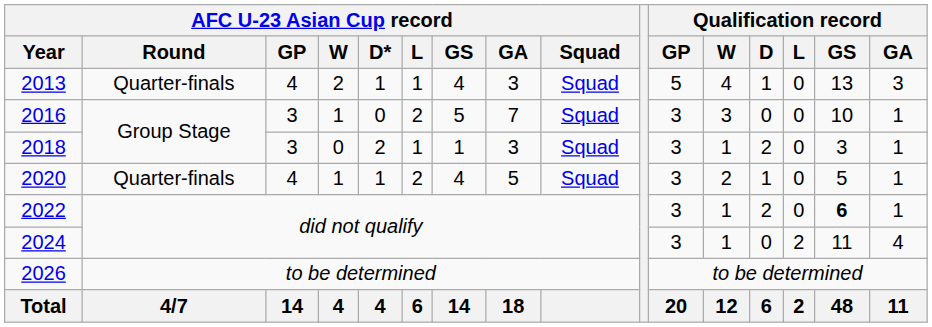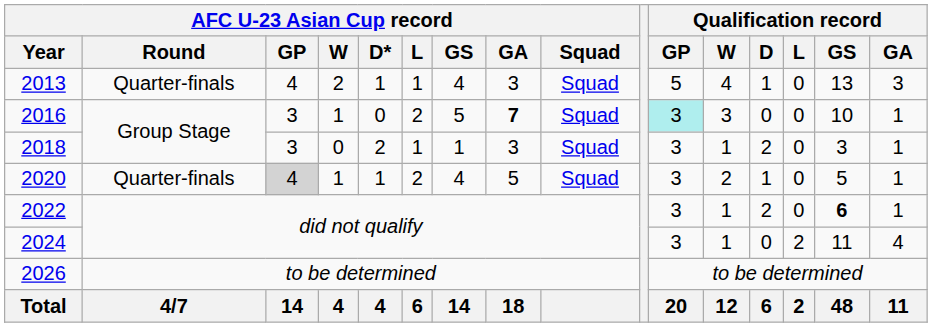 <table class="wikitable" style="text-align: center;">
 <tr>
 <th colspan=9><a href='#'>AFC U-23 Asian Cup</a> record</th>
 <th style="width:1%;" rowspan="40"></th>
 <th colspan=6>Qualification record</th>
 </tr>
 <tr>
 <th>Year</th>
 <th>Round</th>
 <th>GP</th>
 <th>W</th>
 <th>D*</th>
 <th>L</th>
 <th>GS</th>
 <th>GA</th>
 <th>Squad</th>
 <th>GP</th>
 <th>W</th>
 <th>D</th>
 <th>L</th>
 <th>GS</th>
 <th>GA</th>
 </tr>
 <tr>
 <td> <a href='#'>2013</a></td>
 <td>Quarter-finals</td>
 <td>4</td>
 <td>2</td>
 <td>1</td>
 <td>1</td>
 <td>4</td>
 <td>3</td>
 <td><a href='#'>Squad</a></td>
 <td>5</td>
 <td>4</td>
 <td>1</td>
 <td>0</td>
 <td>13</td>
 <td>3</td>
 </tr>
 <tr>
 <td> <a href='#'>2016</a></td>
 <td rowspan=2>Group Stage</td>
 <td>3</td>
 <td>1</td>
 <td>0</td>
 <td>2</td>
 <td>5</td>
-<td>7</td>
+<td><strong>7</strong></td>
 <td><a href='#'>Squad</a></td>
-<td>3</td>
+<td style="background: paleturquoise;">3</td>
 <td>3</td>
 <td>0</td>
 <td>0</td>
 <td>10</td>
 <td>1</td>
 </tr>
 <tr>
 <td> <a href='#'>2018</a></td>
 <td>3</td>
 <td>0</td>
 <td>2</td>
 <td>1</td>
 <td>1</td>
 <td>3</td>
 <td><a href='#'>Squad</a></td>
 <td>3</td>
 <td>1</td>
 <td>2</td>
 <td>0</td>
 <td>3</td>
 <td>1</td>
 </tr>
 <tr>
 <td> <a href='#'>2020</a></td>
 <td>Quarter-finals</td>
-<td>4</td>
+<td style="background: lightgrey;">4</td>
 <td>1</td>
 <td>1</td>
 <td>2</td>
 <td>4</td>
 <td>5</td>
 <td><a href='#'>Squad</a></td>
 <td>3</td>
 <td>2</td>
 <td>1</td>
 <td>0</td>
 <td>5</td>
 <td>1</td>
 </tr>
 <tr>
 <td> <a href='#'>2022</a></td>
 <td rowspan=2 colspan=8><em>did not qualify</em></td>
 <td>3</td>
 <td>1</td>
 <td>2</td>
 <td>0</td>
 <td><strong>6</strong></td>
 <td>1</td>
 </tr>
 <tr>
 <td> <a href='#'>2024</a></td>
 <td>3</td>
 <td>1</td>
 <td>0</td>
 <td>2</td>
 <td>11</td>
 <td>4</td>
 </tr>
 <tr>
 <td> <a href='#'>2026</a></td>
 <td colspan=8><em>to be determined</em></td>
 <td colspan=8><em>to be determined</em></td>
 </tr>
 <tr>
 <th>Total</th>
 <th>4/7</th>
 <th>14</th>
 <th>4</th>
 <th>4</th>
 <th>6</th>
 <th>14</th>
 <th>18</th>
 <th></th>
 <th>20</th>
 <th>12</th>
 <th>6</th>
 <th>2</th>
 <th>48</th>
 <th>11</th>
 </tr>
 </table>
